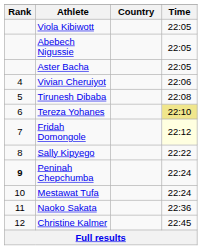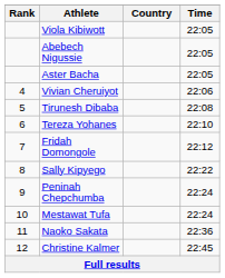 <table class="wikitable sortable" style=" text-align:center; font-size:95%;" width="50%">
 <tr>
 </tr>
 <tr>
 <th width=5%>Rank</th>
 <th width=20%>Athlete</th>
 <th width=15%>Country</th>
 <th width=10%>Time</th>
 </tr>
 <tr>
 <td align=center></td>
 <td align=left><a href='#'>Viola Kibiwott</a></td>
 <td align=left></td>
 <td>22:05</td>
 </tr>
 <tr>
 <td align=center></td>
 <td align=left><a href='#'>Abebech Nigussie</a></td>
 <td align=left></td>
 <td>22:05</td>
 </tr>
 <tr>
 <td align=center></td>
 <td align=left><a href='#'>Aster Bacha</a></td>
 <td align=left></td>
 <td>22:05</td>
 </tr>
 <tr>
 <td align=center>4</td>
 <td align=left><a href='#'>Vivian Cheruiyot</a></td>
 <td align=left></td>
 <td>22:06</td>
 </tr>
 <tr>
 <td align=center>5</td>
 <td align=left><a href='#'>Tirunesh Dibaba</a></td>
 <td align=left></td>
 <td>22:08</td>
 </tr>
 <tr>
 <td align=center>6</td>
 <td align=left><a href='#'>Tereza Yohanes</a></td>
 <td align=left></td>
-<td style="background: khaki;">22:10</td>
+<td>22:10</td>
 </tr>
 <tr>
 <td align=center>7</td>
 <td align=left><a href='#'>Fridah Domongole</a></td>
 <td align=left></td>
-<td style="background: lightyellow;">22:12</td>
+<td>22:12</td>
 </tr>
 <tr>
 <td align=center>8</td>
 <td align=left><a href='#'>Sally Kipyego</a></td>
 <td align=left></td>
 <td>22:22</td>
 </tr>
 <tr>
-<td align=center><strong>9</strong></td>
+<td align=center>9</td>
 <td align=left><a href='#'>Peninah Chepchumba</a></td>
 <td align=left></td>
 <td>22:24</td>
 </tr>
 <tr>
 <td align=center>10</td>
 <td align=left><a href='#'>Mestawat Tufa</a></td>
 <td align=left></td>
 <td>22:24</td>
 </tr>
 <tr>
 <td align=center>11</td>
 <td align=left><a href='#'>Naoko Sakata</a></td>
 <td align=left></td>
 <td>22:36</td>
 </tr>
 <tr>
 <td align=center>12</td>
 <td align=left><a href='#'>Christine Kalmer</a></td>
 <td align=left></td>
 <td>22:45</td>
 </tr>
 <tr class="sortbottom">
 <th colspan=4 align=center><a href='#'>Full results</a></th>
 </tr>
 </table>
